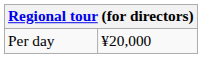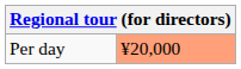 <table class="wikitable">
 <tr>
 <th colspan="2"><a href='#'>Regional tour</a> (for directors)</th>
 </tr>
 <tr>
 <td>Per day</td>
-<td>¥20,000</td>
+<td style="background: lightsalmon;">¥20,000</td>
 </tr>
 </table>
